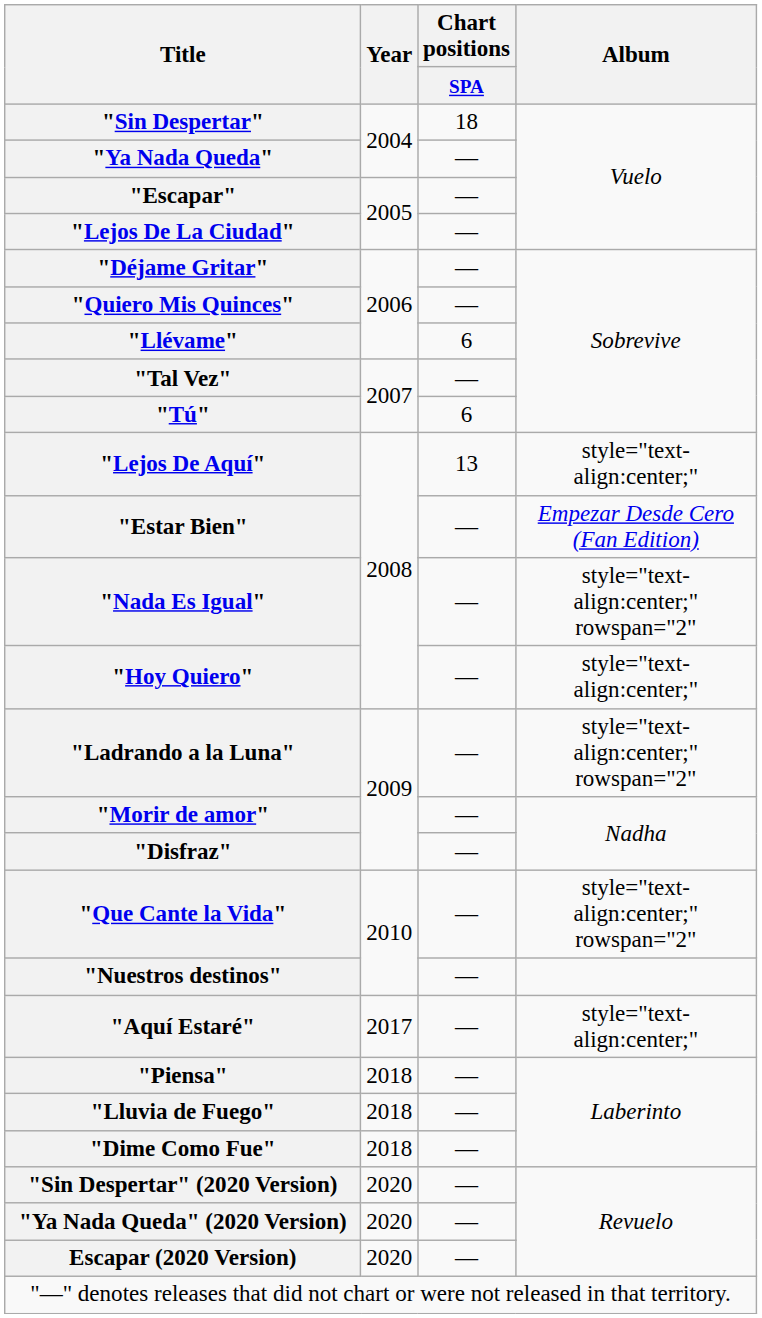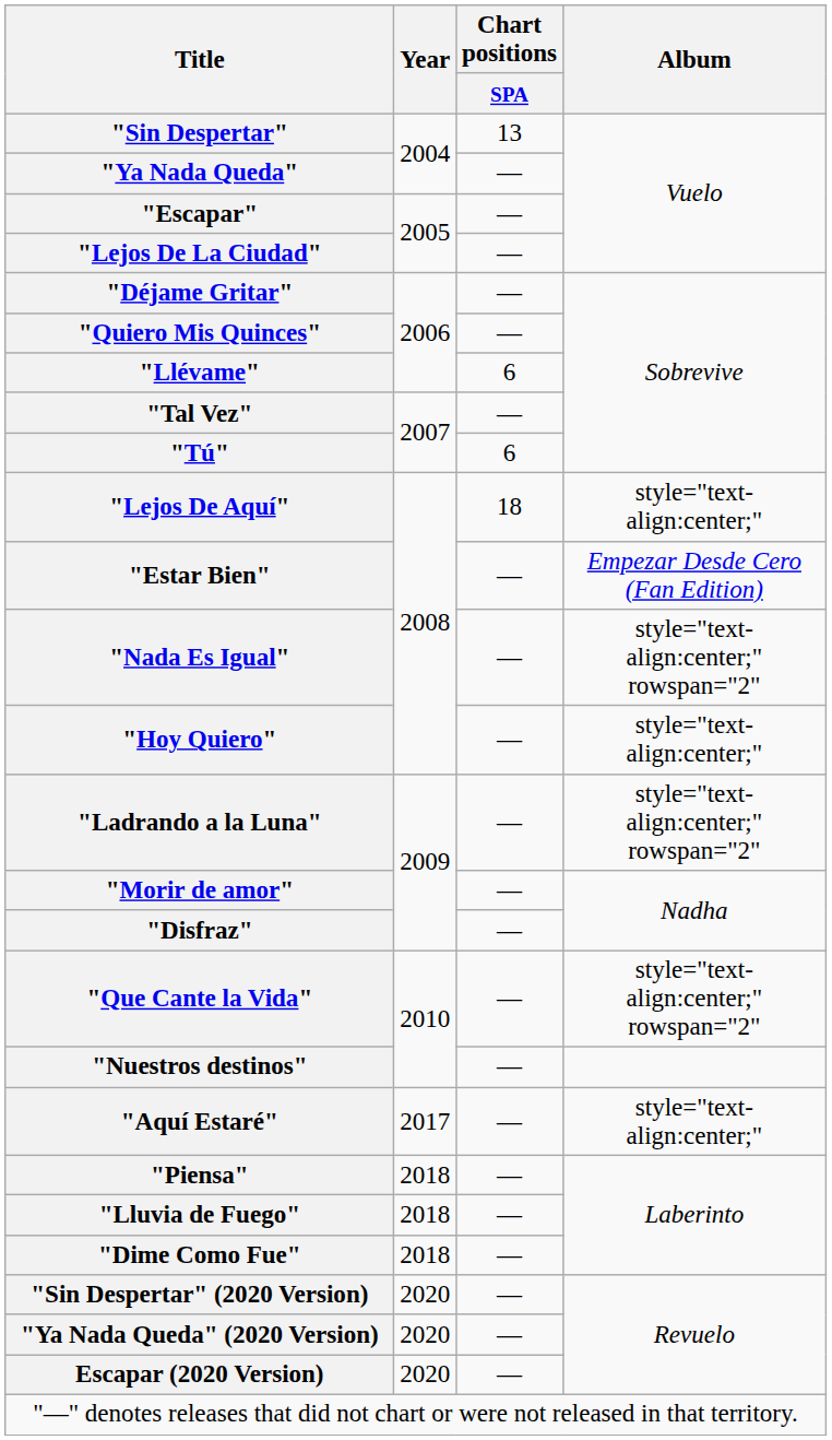 <table class="wikitable plainrowheaders" style="text-align:center;">
 <tr>
 <th rowspan="2" scope="col" style="width:15em;">Title</th>
 <th rowspan="2" scope="col" style="width:2em;">Year</th>
 <th>Chart positions</th>
 <th rowspan="2" scope="col" style="width:10em;">Album</th>
 </tr>
 <tr>
 <th style="width:30px;"><small><a href='#'>SPA</a></small></th>
 </tr>
 <tr>
 <th scope="row">"<a href='#'>Sin Despertar</a>"</th>
 <td style="text-align:center;" rowspan="2">2004</td>
-<td style="text-align:center;">18</td>
+<td style="text-align:center;">13</td>
 <td style="text-align:center;" rowspan="4"><em>Vuelo</em></td>
 </tr>
 <tr>
 <th scope="row">"<a href='#'>Ya Nada Queda</a>"</th>
 <td style="text-align:center;">—</td>
 </tr>
 <tr>
 <th scope="row">"Escapar"</th>
 <td style="text-align:center;" rowspan="2">2005</td>
 <td style="text-align:center;">—</td>
 </tr>
 <tr>
 <th scope="row">"<a href='#'>Lejos De La Ciudad</a>"</th>
 <td style="text-align:center;">—</td>
 </tr>
 <tr>
 <th scope="row">"<a href='#'>Déjame Gritar</a>"</th>
 <td style="text-align:center;" rowspan="3">2006</td>
 <td style="text-align:center;">—</td>
 <td style="text-align:center;" rowspan="5"><em>Sobrevive</em></td>
 </tr>
 <tr>
 <th scope="row">"<a href='#'>Quiero Mis Quinces</a>"</th>
 <td style="text-align:center;">—</td>
 </tr>
 <tr>
 <th scope="row">"<a href='#'>Llévame</a>"</th>
 <td style="text-align:center;">6</td>
 </tr>
 <tr>
 <th scope="row">"Tal Vez"</th>
 <td style="text-align:center;" rowspan="2">2007</td>
 <td style="text-align:center;">—</td>
 </tr>
 <tr>
 <th scope="row">"<a href='#'>Tú</a>"</th>
 <td style="text-align:center;">6</td>
 </tr>
 <tr>
 <th scope="row">"<a href='#'>Lejos De Aquí</a>"</th>
 <td style="text-align:center;" rowspan="4">2008</td>
-<td style="text-align:center;">13</td>
+<td style="text-align:center;">18</td>
 <td>style="text-align:center;" </td>
 </tr>
 <tr>
 <th scope="row">"Estar Bien"<br></th>
 <td style="text-align:center;">—</td>
 <td style="text-align:center;"><em><a href='#'>Empezar Desde Cero (Fan Edition)</a></em></td>
 </tr>
 <tr>
 <th scope="row">"<a href='#'>Nada Es Igual</a>"</th>
 <td style="text-align:center;">—</td>
 <td>style="text-align:center;" rowspan="2" </td>
 </tr>
 <tr>
 <th scope="row">"<a href='#'>Hoy Quiero</a>" </th>
 <td style="text-align:center;">—</td>
 <td>style="text-align:center;" </td>
 </tr>
 <tr>
 <th scope="row">"Ladrando a la Luna" </th>
 <td style="text-align:center;" rowspan="3">2009</td>
 <td style="text-align:center;">—</td>
 <td>style="text-align:center;" rowspan="2" </td>
 </tr>
 <tr>
 <th scope="row">"<a href='#'>Morir de amor</a>"</th>
 <td style="text-align:center;">—</td>
 <td style="text-align:center;" rowspan="2"><em>Nadha</em></td>
 </tr>
 <tr>
 <th scope="row">"Disfraz"</th>
 <td style="text-align:center;">—</td>
 </tr>
 <tr>
 <th scope="row">"<a href='#'>Que Cante la Vida</a>"<br></th>
 <td style="text-align:center;" rowspan="2">2010</td>
 <td style="text-align:center;">—</td>
 <td>style="text-align:center;" rowspan="2" </td>
 </tr>
 <tr>
 <th scope="row">"Nuestros destinos"</th>
 <td style="text-align:center;">—</td>
 </tr>
 <tr>
 <th scope="row">"Aquí Estaré"</th>
 <td style="text-align:center;">2017</td>
 <td style="text-align:center;">—</td>
 <td>style="text-align:center;" </td>
 </tr>
 <tr>
 <th>"Piensa"</th>
 <td>2018</td>
 <td>—</td>
 <td rowspan="3"><em>Laberinto</em></td>
 </tr>
 <tr>
 <th>"Lluvia de Fuego"</th>
 <td>2018</td>
 <td>—</td>
 </tr>
 <tr>
 <th>"Dime Como Fue"</th>
 <td>2018</td>
 <td>—</td>
 </tr>
 <tr>
 <th>"Sin Despertar" (2020 Version)</th>
 <td>2020</td>
 <td>—</td>
 <td rowspan="3"><em>Revuelo</em></td>
 </tr>
 <tr>
 <th>"Ya Nada Queda" (2020 Version)</th>
 <td>2020</td>
 <td>—</td>
 </tr>
 <tr>
 <th>Escapar (2020 Version)</th>
 <td>2020</td>
 <td>—</td>
 </tr>
 <tr>
 <td colspan="4">"—" denotes releases that did not chart or were not released in that territory.</td>
 </tr>
 </table>
